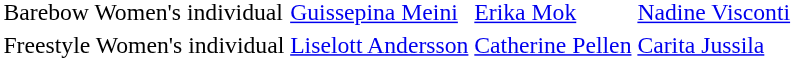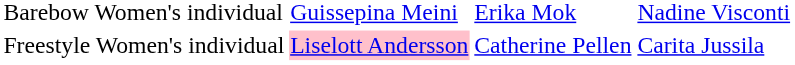 <table>
 <tr>
 <td>Barebow Women's individual<br></td>
 <td> <a href='#'>Guissepina Meini</a></td>
 <td> <a href='#'>Erika Mok</a></td>
 <td> <a href='#'>Nadine Visconti</a></td>
 </tr>
 <tr>
 <td>Freestyle Women's individual<br></td>
-<td> <a href='#'>Liselott Andersson</a></td>
+<td style="background: pink;"> <a href='#'>Liselott Andersson</a></td>
 <td> <a href='#'>Catherine Pellen</a></td>
 <td> <a href='#'>Carita Jussila</a></td>
 </tr>
 </table>
